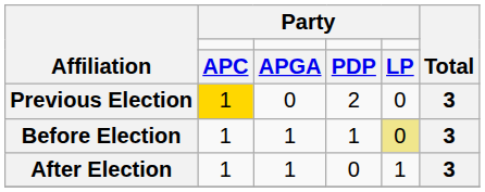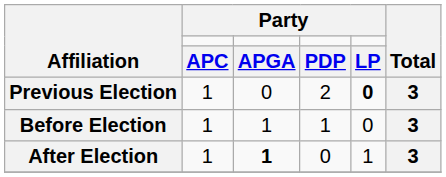 <table class=wikitable style="text-align:center">
 <tr style="vertical-align:bottom;">
 <th rowspan=3>Affiliation</th>
 <th colspan=4>Party</th>
 <th rowspan=3>Total</th>
 </tr>
 <tr>
 <td style="background-color:"></td>
 <td style="background-color:"></td>
 <td style="background-color:"></td>
 <td style="background-color:"></td>
 </tr>
 <tr>
 <th><a href='#'>APC</a></th>
 <th><a href='#'>APGA</a></th>
 <th><a href='#'>PDP</a></th>
 <th><a href='#'>LP</a></th>
 </tr>
 <tr>
 <th>Previous Election</th>
-<td style="background: gold;">1</td>
+<td>1</td>
 <td>0</td>
 <td>2</td>
-<td>0</td>
+<td><strong>0</strong></td>
 <th>3</th>
 </tr>
 <tr>
 <th>Before Election</th>
 <td>1</td>
 <td>1</td>
 <td>1</td>
-<td style="background: khaki;">0</td>
+<td>0</td>
 <th>3</th>
 </tr>
 <tr>
 <th>After Election</th>
 <td>1</td>
-<td>1</td>
+<td><strong>1</strong></td>
 <td>0</td>
 <td>1</td>
 <th>3</th>
 </tr>
 <tr>
 </tr>
 </table>
